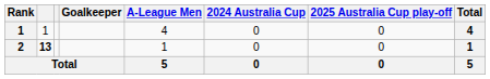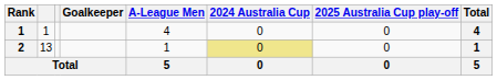 <table class="wikitable" style="text-align:center">
 <tr>
 <th>Rank</th>
 <th></th>
 <th></th>
 <th>Goalkeeper</th>
 <th><a href='#'>A-League Men</a></th>
 <th><a href='#'>2024 Australia Cup</a></th>
 <th><a href='#'>2025 Australia Cup play-off</a></th>
 <th>Total</th>
 </tr>
 <tr>
 <th>1</th>
 <td>1</td>
 <td></td>
 <td align="left"></td>
 <td>4</td>
 <td>0</td>
 <td>0</td>
 <th>4</th>
 </tr>
 <tr>
 <th>2</th>
-<td><strong>13</strong></td>
+<td>13</td>
 <td></td>
 <td align="left"></td>
 <td>1</td>
-<td>0</td>
+<td style="background: khaki;">0</td>
 <td>0</td>
 <th>1</th>
 </tr>
 <tr>
 <th colspan="4">Total</th>
 <th>5</th>
 <th>0</th>
 <th>0</th>
 <th>5</th>
 </tr>
 </table>
